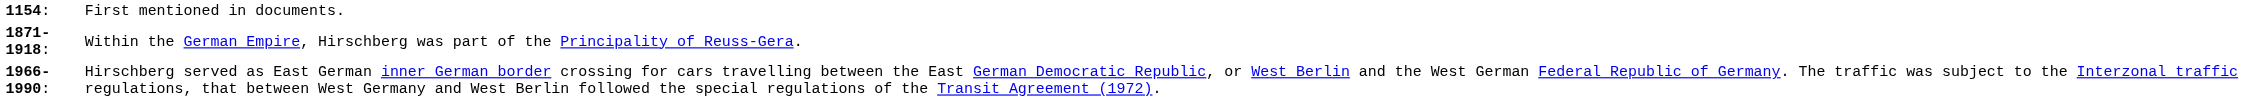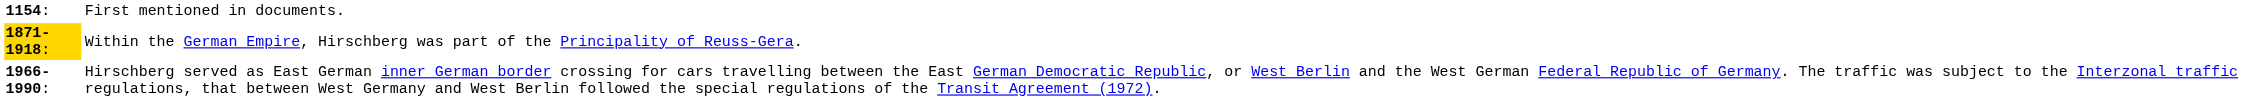 <table>
 <tr>
 <td><strong>1154</strong>:</td>
 <td>First mentioned in documents.</td>
 </tr>
 <tr>
-<td><strong>1871-1918</strong>:</td>
+<td style="background: gold;"><strong>1871-1918</strong>:</td>
 <td>Within the <a href='#'>German Empire</a>, Hirschberg was part of the <a href='#'>Principality of Reuss-Gera</a>.</td>
 </tr>
 <tr>
 <td><strong>1966-1990</strong>:</td>
 <td>Hirschberg served as East German <a href='#'>inner German border</a> crossing for cars travelling between the East <a href='#'>German Democratic Republic</a>, or <a href='#'>West Berlin</a> and the West German <a href='#'>Federal Republic of Germany</a>. The traffic was subject to the <a href='#'>Interzonal traffic</a> regulations, that between West Germany and West Berlin followed the special regulations of the <a href='#'>Transit Agreement (1972)</a>.</td>
 </tr>
 <tr>
 </tr>
 </table>
